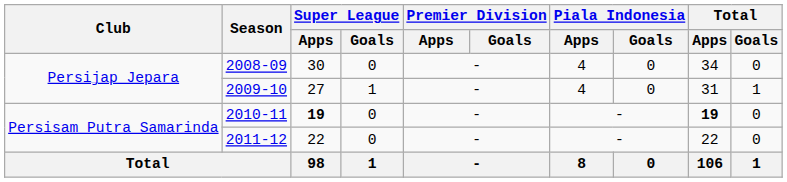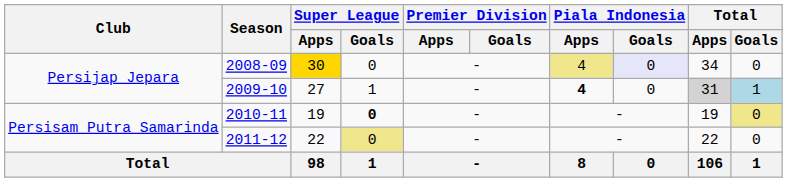 <table class="wikitable" style="font-size:90%; text-align:center;">
 <tr>
 <th rowspan="2">Club</th>
 <th rowspan="2">Season</th>
 <th colspan="2"><a href='#'>Super League</a></th>
 <th colspan="2"><a href='#'>Premier Division</a></th>
 <th colspan="2"><a href='#'>Piala Indonesia</a></th>
 <th colspan="2">Total</th>
 </tr>
 <tr>
 <th>Apps</th>
 <th>Goals</th>
 <th>Apps</th>
 <th>Goals</th>
 <th>Apps</th>
 <th>Goals</th>
 <th>Apps</th>
 <th>Goals</th>
 </tr>
 <tr>
 <td rowspan="2"><a href='#'>Persijap Jepara</a></td>
 <td><a href='#'>2008-09</a></td>
-<td>30</td>
+<td style="background: gold;">30</td>
 <td>0</td>
 <td colspan="2">-</td>
-<td>4</td>
-<td>0</td>
+<td style="background: khaki;">4</td>
+<td style="background: lavender;">0</td>
 <td>34</td>
 <td>0</td>
 </tr>
 <tr>
 <td><a href='#'>2009-10</a></td>
 <td>27</td>
 <td>1</td>
 <td colspan="2">-</td>
-<td>4</td>
+<td><strong>4</strong></td>
 <td>0</td>
-<td>31</td>
-<td>1</td>
+<td style="background: lightgrey;">31</td>
+<td style="background: lightblue;">1</td>
 </tr>
 <tr>
 <td rowspan="2"><a href='#'>Persisam Putra Samarinda</a></td>
 <td><a href='#'>2010-11</a></td>
-<td><strong>19</strong></td>
-<td>0</td>
+<td>19</td>
+<td><strong>0</strong></td>
 <td colspan="2">-</td>
 <td colspan="2">-</td>
-<td><strong>19</strong></td>
-<td>0</td>
+<td>19</td>
+<td style="background: khaki;">0</td>
 </tr>
 <tr>
 <td><a href='#'>2011-12</a></td>
 <td>22</td>
-<td>0</td>
+<td style="background: khaki;">0</td>
 <td colspan="2">-</td>
 <td colspan="2">-</td>
 <td>22</td>
 <td>0</td>
 </tr>
 <tr>
 <th colspan="2">Total</th>
 <th>98</th>
 <th>1</th>
 <th colspan="2">-</th>
 <th>8</th>
 <th>0</th>
 <th>106</th>
 <th>1</th>
 </tr>
 </table>
